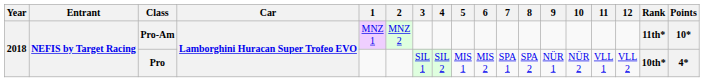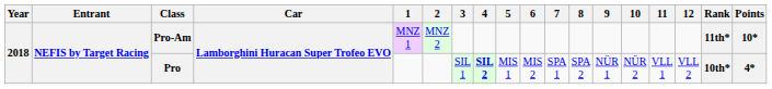 <table class="wikitable" style="text-align:center; font-size:90%">
 <tr>
 <th>Year</th>
 <th>Entrant</th>
 <th>Class</th>
 <th>Car</th>
 <th>1</th>
 <th>2</th>
 <th>3</th>
 <th>4</th>
 <th>5</th>
 <th>6</th>
 <th>7</th>
 <th>8</th>
 <th>9</th>
 <th>10</th>
 <th>11</th>
 <th>12</th>
 <th>Rank</th>
 <th>Points</th>
 </tr>
 <tr>
 <th rowspan=2>2018</th>
 <th rowspan=2><a href='#'>NEFIS by Target Racing</a></th>
 <th>Pro-Am</th>
 <th rowspan=2><a href='#'>Lamborghini Huracan Super Trofeo EVO</a></th>
 <td style="background:#efcfff;"><a href='#'>MNZ<br>1</a><br></td>
 <td style="background:#dfffdf;"><a href='#'>MNZ<br>2</a><br></td>
 <td></td>
 <td></td>
 <td></td>
 <td></td>
 <td></td>
 <td></td>
 <td></td>
 <td></td>
 <td></td>
 <td></td>
 <th>11th*</th>
 <th>10*</th>
 </tr>
 <tr>
 <th>Pro</th>
 <td></td>
 <td></td>
 <td style="background:#dfffdf;"><a href='#'>SIL<br>1</a><br></td>
-<td style="background:#dfffdf;"><a href='#'>SIL<br>2</a><br></td>
+<td style="background:#dfffdf;"><strong><a href='#'>SIL<br>2</a><br></strong></td>
 <td style="background:#;"><a href='#'>MIS<br>1</a><br></td>
 <td style="background:#;"><a href='#'>MIS<br>2</a><br></td>
 <td style="background:#;"><a href='#'>SPA<br>1</a><br></td>
 <td style="background:#;"><a href='#'>SPA<br>2</a><br></td>
 <td style="background:#;"><a href='#'>NÜR<br>1</a><br></td>
 <td style="background:#;"><a href='#'>NÜR<br>2</a><br></td>
 <td style="background:#;"><a href='#'>VLL<br>1</a><br></td>
 <td style="background:#;"><a href='#'>VLL<br>2</a><br></td>
 <th>10th*</th>
 <th>4*</th>
 </tr>
 </table>
